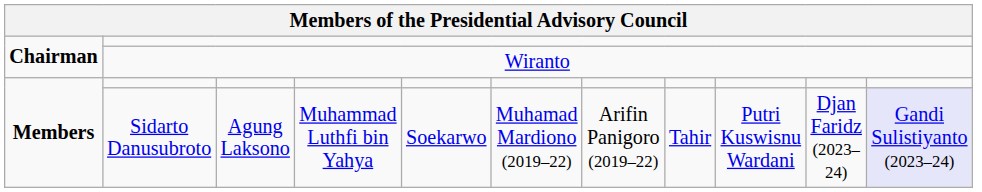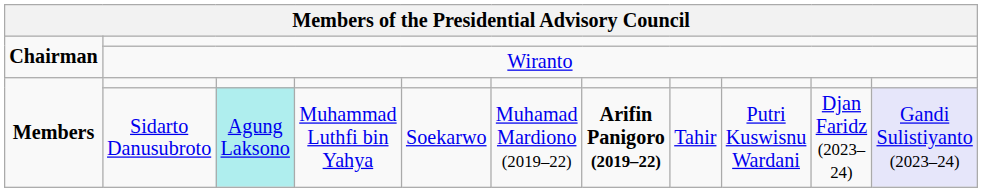 <table class="wikitable" style="text-align:center; border-collapse: collapse">
 <tr>
 <th colspan=14>Members of the Presidential Advisory Council</th>
 </tr>
 <tr>
 <td rowspan=2><strong>Chairman</strong></td>
 <td colspan=10></td>
 </tr>
 <tr>
 <td colspan=10><a href='#'>Wiranto</a></td>
 </tr>
 <tr>
 <td rowspan=2><strong>Members</strong></td>
 <td></td>
 <td></td>
 <td></td>
 <td></td>
 <td></td>
 <td></td>
 <td></td>
 <td></td>
 <td></td>
 <td></td>
 </tr>
 <tr>
 <td width="150"><a href='#'>Sidarto Danusubroto</a></td>
-<td width="150"><a href='#'>Agung Laksono</a></td>
+<td width="150" style="background: paleturquoise;"><a href='#'>Agung Laksono</a></td>
 <td width="150"><a href='#'>Muhammad Luthfi bin Yahya</a></td>
 <td width="150"><a href='#'>Soekarwo</a></td>
 <td width="150"><a href='#'>Muhamad Mardiono</a><br><small>(2019–22)</small></td>
-<td width="150">Arifin Panigoro<br><small>(2019–22)</small></td>
+<td width="150"><strong>Arifin Panigoro<br><small>(2019–22)</small></strong></td>
 <td width="150"><a href='#'>Tahir</a></td>
 <td width="150"><a href='#'>Putri Kuswisnu Wardani</a></td>
 <td width="150"><a href='#'>Djan Faridz</a><br><small>(2023–24)</small></td>
 <td width="150" style="background: lavender;"><a href='#'>Gandi Sulistiyanto</a><br><small>(2023–24)</small></td>
 </tr>
 </table>
